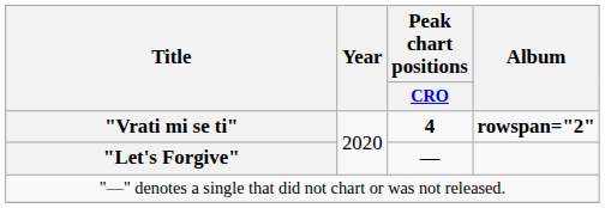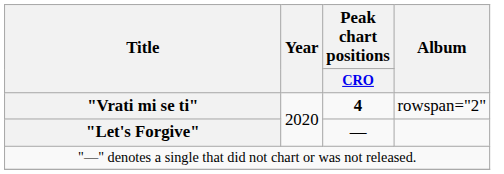 <table class="wikitable plainrowheaders" style="text-align:center;">
 <tr>
 <th scope="col" rowspan="2" style="width:16em;">Title</th>
 <th scope="col" rowspan="2" style="width:1em;">Year</th>
 <th scope="col" colspan="1">Peak chart positions</th>
 <th scope="col" rowspan="2">Album</th>
 </tr>
 <tr>
 <th scope="col" style="width:3em;font-size:85%;"><a href='#'>CRO</a><br></th>
 </tr>
 <tr>
 <th scope="row">"Vrati mi se ti"</th>
 <td rowspan="2">2020</td>
 <td><strong>4</strong></td>
-<td><strong>rowspan="2" </strong></td>
+<td>rowspan="2" </td>
 </tr>
 <tr>
 <th scope="row">"Let's Forgive"</th>
 <td>—</td>
 </tr>
 <tr>
 <td colspan="20" style="text-align:center; font-size:85%;">"—" denotes a single that did not chart or was not released.</td>
 </tr>
 <tr>
 </tr>
 </table>
